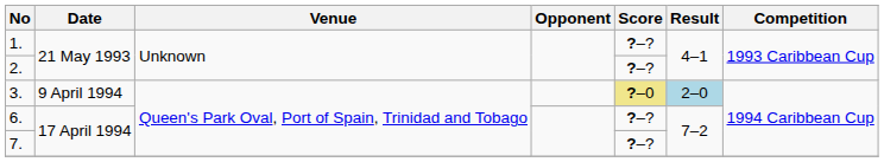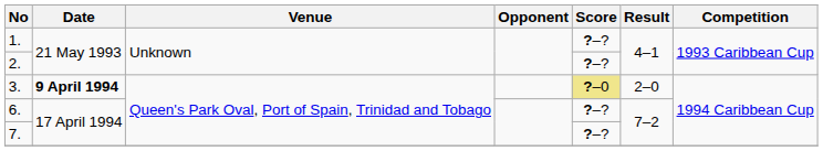 <table class="wikitable" style="font-size:85%;">
 <tr>
 <th>No</th>
 <th>Date</th>
 <th>Venue</th>
 <th>Opponent</th>
 <th>Score</th>
 <th>Result</th>
 <th>Competition</th>
 </tr>
 <tr>
 <td>1.</td>
 <td rowspan="2">21 May 1993</td>
 <td rowspan="2">Unknown</td>
 <td rowspan="2"></td>
 <td align=center><strong>?</strong>–?</td>
 <td align=center rowspan="2">4–1</td>
 <td rowspan="2"><a href='#'>1993 Caribbean Cup</a></td>
 </tr>
 <tr>
 <td>2.</td>
 <td align=center><strong>?</strong>–?</td>
 </tr>
 <tr>
 <td>3.</td>
-<td>9 April 1994</td>
+<td><strong>9 April 1994</strong></td>
 <td rowspan="3"><a href='#'>Queen's Park Oval</a>, <a href='#'>Port of Spain</a>, <a href='#'>Trinidad and Tobago</a></td>
 <td></td>
 <td align=center style="background: khaki;"><strong>?</strong>–0</td>
-<td align=center style="background: lightblue;">2–0</td>
+<td align=center>2–0</td>
 <td rowspan="3"><a href='#'>1994 Caribbean Cup</a></td>
 </tr>
 <tr>
 <td>6.</td>
 <td rowspan="2">17 April 1994</td>
 <td rowspan="2"></td>
 <td align=center><strong>?</strong>–?</td>
 <td rowspan="2" align=center>7–2</td>
 </tr>
 <tr>
 <td>7.</td>
 <td align=center><strong>?</strong>–?</td>
 </tr>
 <tr>
 </tr>
 </table>
